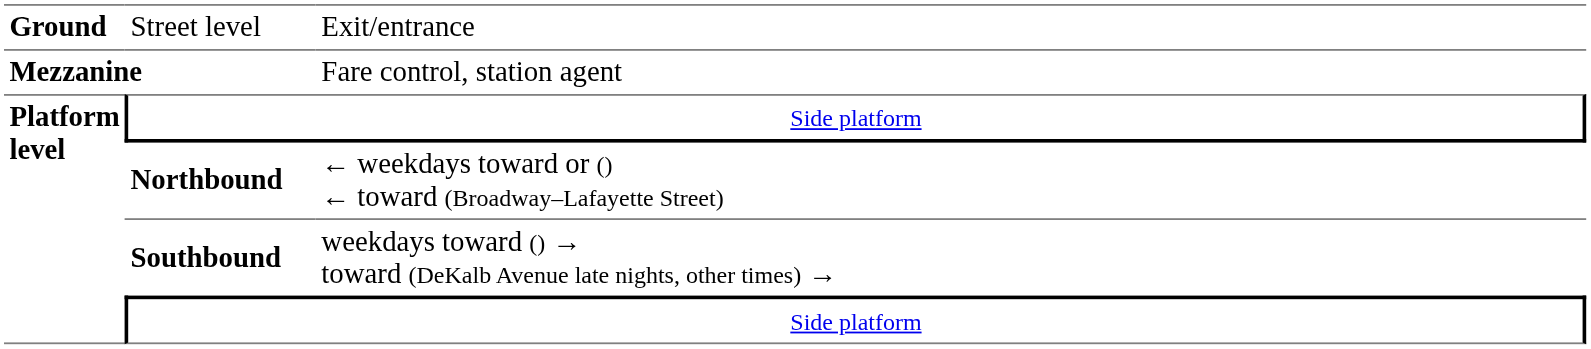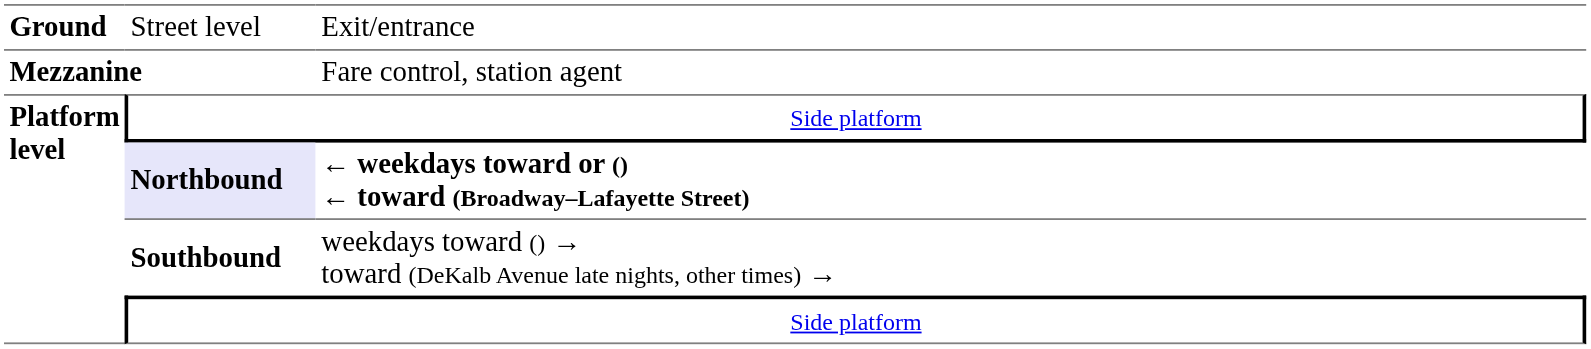 <table table border=0 cellspacing=0 cellpadding=3>
 <tr>
 <td style="border-bottom:solid 1px gray;border-top:solid 1px gray;" width=50><strong>Ground</strong></td>
 <td style="border-top:solid 1px gray;border-bottom:solid 1px gray;" width=100>Street level</td>
 <td style="border-top:solid 1px gray;border-bottom:solid 1px gray;" width=700>Exit/entrance</td>
 </tr>
 <tr>
 <td colspan=2><strong>Mezzanine</strong></td>
 <td>Fare control, station agent</td>
 </tr>
 <tr>
 <td style="border-top:solid 1px gray;border-bottom:solid 1px gray;" rowspan=4 valign=top><strong>Platform level</strong></td>
 <td style="border-top:solid 1px gray;border-right:solid 2px black;border-left:solid 2px black;border-bottom:solid 2px black;text-align:center;" colspan=2><small><a href='#'>Side platform</a></small></td>
 </tr>
 <tr>
-<td style="border-bottom:solid 1px gray;"><span><strong>Northbound</strong></span></td>
-<td style="border-bottom:solid 1px gray;">←  weekdays toward  or  <small>()</small><br>←  toward  <small>(Broadway–Lafayette Street)</small></td>
+<td style="background: lavender; border-bottom:solid 1px gray;"><span><strong>Northbound</strong></span></td>
+<td style="border-bottom:solid 1px gray;"><strong>←  weekdays toward  or  <small>()</small><br>←  toward  <small>(Broadway–Lafayette Street)</small></strong></td>
 </tr>
 <tr>
 <td><span><strong>Southbound</strong></span></td>
 <td>  weekdays toward  <small>()</small> →<br>  toward  <small>(DeKalb Avenue late nights,  other times)</small> →</td>
 </tr>
 <tr>
 <td style="border-bottom:solid 1px gray;border-top:solid 2px black;border-right:solid 2px black;border-left:solid 2px black;text-align:center;" colspan=2><small><a href='#'>Side platform</a></small></td>
 </tr>
 </table>
